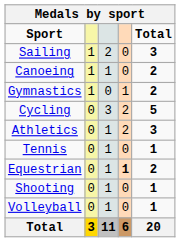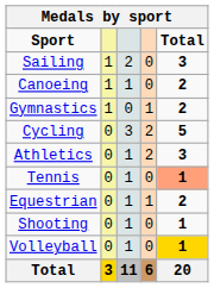 <table class="wikitable" style="font-size:85%; float: right;">
 <tr style="background:#efefef;">
 <th colspan=5><strong>Medals by sport</strong></th>
 </tr>
 <tr align=center>
 <td><strong>Sport</strong></td>
 <td bgcolor=#f7f6a8></td>
 <td bgcolor=#dce5e5></td>
 <td bgcolor=#ffdab9></td>
 <td><strong>Total</strong></td>
 </tr>
 <tr align=center>
 <td><a href='#'>Sailing</a></td>
 <td style="background:#F7F6A8;">1</td>
 <td style="background:#DCE5E5;">2</td>
 <td style="background:#FFDAB9;">0</td>
 <td><strong>3</strong></td>
 </tr>
 <tr align=center>
 <td><a href='#'>Canoeing</a></td>
 <td style="background:#F7F6A8;">1</td>
 <td style="background:#DCE5E5;">1</td>
 <td style="background:#FFDAB9;">0</td>
 <td><strong>2</strong></td>
 </tr>
 <tr align=center>
 <td><a href='#'>Gymnastics</a></td>
 <td style="background:#F7F6A8;">1</td>
 <td style="background:#DCE5E5;">0</td>
 <td style="background:#FFDAB9;">1</td>
 <td><strong>2</strong></td>
 </tr>
 <tr align=center>
 <td><a href='#'>Cycling</a></td>
 <td style="background:#F7F6A8;">0</td>
 <td style="background:#DCE5E5;">3</td>
 <td style="background:#FFDAB9;">2</td>
 <td><strong>5</strong></td>
 </tr>
 <tr align=center>
 <td><a href='#'>Athletics</a></td>
 <td style="background:#F7F6A8;">0</td>
 <td style="background:#DCE5E5;">1</td>
 <td style="background:#FFDAB9;">2</td>
 <td><strong>3</strong></td>
 </tr>
 <tr align=center>
 <td><a href='#'>Tennis</a></td>
 <td style="background:#F7F6A8;">0</td>
 <td style="background:#DCE5E5;">1</td>
 <td style="background:#FFDAB9;">0</td>
-<td><strong>1</strong></td>
+<td style="background: lightsalmon;"><strong>1</strong></td>
 </tr>
 <tr align=center>
 <td><a href='#'>Equestrian</a></td>
 <td style="background:#F7F6A8;">0</td>
 <td style="background:#DCE5E5;">1</td>
-<td style="background:#FFDAB9;"><strong>1</strong></td>
+<td style="background:#FFDAB9;">1</td>
 <td><strong>2</strong></td>
 </tr>
 <tr align=center>
 <td><a href='#'>Shooting</a></td>
 <td style="background:#F7F6A8;">0</td>
 <td style="background:#DCE5E5;">1</td>
 <td style="background:#FFDAB9;">0</td>
 <td><strong>1</strong></td>
 </tr>
 <tr align=center>
 <td><a href='#'>Volleyball</a></td>
 <td style="background:#F7F6A8;">0</td>
 <td style="background:#DCE5E5;">1</td>
 <td style="background:#FFDAB9;">0</td>
-<td><strong>1</strong></td>
+<td style="background: gold;"><strong>1</strong></td>
 </tr>
 <tr align=center>
 <th><strong>Total</strong></th>
 <th style="background:gold;"><strong>3</strong></th>
 <th style="background:silver;"><strong>11</strong></th>
 <th style="background:#c96;"><strong>6</strong></th>
 <th><strong>20</strong></th>
 </tr>
 </table>
